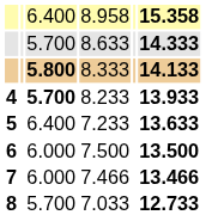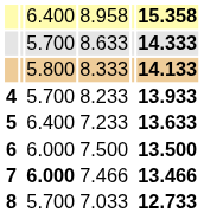 <table>
 <tr style="background:#fffcaf;">
 <th scope=row style="text-align:center"></th>
 <td style="text-align:left;"></td>
 <td>6.400</td>
 <td>8.958</td>
 <td></td>
 <td><strong>15.358</strong></td>
 </tr>
 <tr style="background:#e5e5e5;">
 <th scope=row style="text-align:center"></th>
 <td style="text-align:left;"></td>
 <td>5.700</td>
 <td>8.633</td>
 <td></td>
 <td><strong>14.333</strong></td>
 </tr>
 <tr style="background:#ec9;">
 <th scope=row style="text-align:center"></th>
 <td style="text-align:left;"></td>
-<td><strong>5.800</strong></td>
+<td>5.800</td>
 <td>8.333</td>
 <td></td>
 <td><strong>14.133</strong></td>
 </tr>
 <tr>
 <th scope=row style="text-align:center">4</th>
 <td style="text-align:left;"></td>
-<td><strong>5.700</strong></td>
+<td>5.700</td>
 <td>8.233</td>
 <td></td>
 <td><strong>13.933</strong></td>
 </tr>
 <tr>
 <th scope=row style="text-align:center">5</th>
 <td style="text-align:left;"></td>
 <td>6.400</td>
 <td>7.233</td>
 <td></td>
 <td><strong>13.633</strong></td>
 </tr>
 <tr>
 <th scope=row style="text-align:center">6</th>
 <td style="text-align:left;"></td>
 <td>6.000</td>
 <td>7.500</td>
 <td></td>
 <td><strong>13.500</strong></td>
 </tr>
 <tr>
 <th scope=row style="text-align:center">7</th>
 <td style="text-align:left;"></td>
-<td>6.000</td>
+<td><strong>6.000</strong></td>
 <td>7.466</td>
 <td></td>
 <td><strong>13.466</strong></td>
 </tr>
 <tr>
 <th scope=row style="text-align:center">8</th>
 <td style="text-align:left;"></td>
 <td>5.700</td>
 <td>7.033</td>
 <td></td>
 <td><strong>12.733</strong></td>
 </tr>
 </table>
